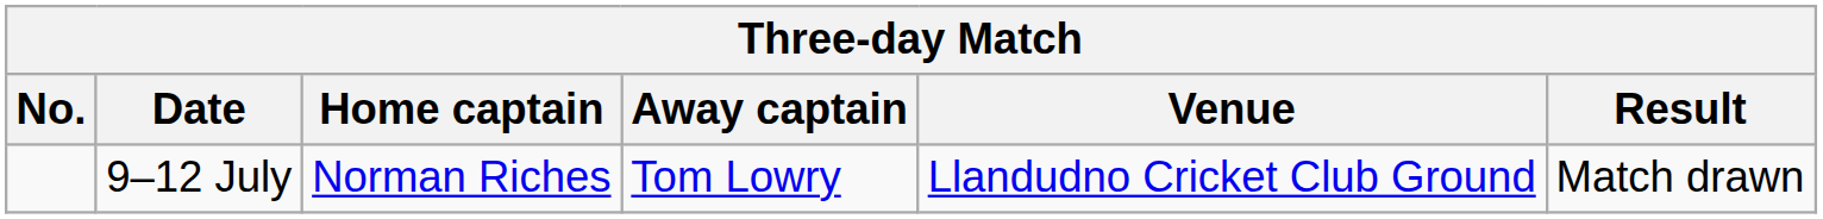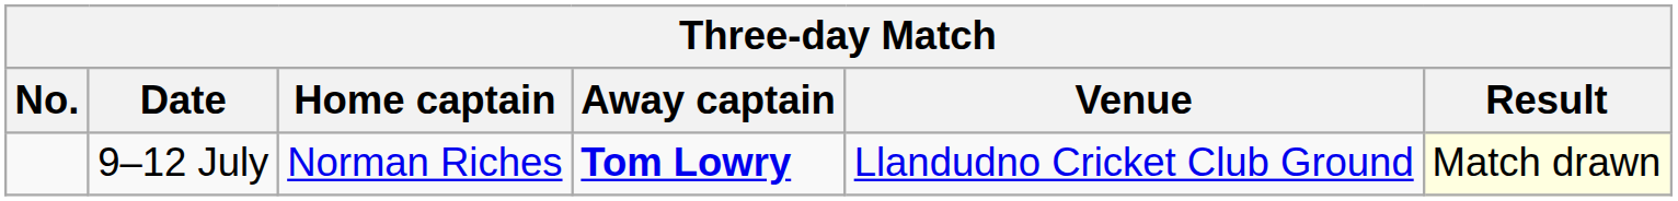 <table class="wikitable">
 <tr>
 <th colspan="9">Three-day Match</th>
 </tr>
 <tr>
 <th>No.</th>
 <th>Date</th>
 <th>Home captain</th>
 <th>Away captain</th>
 <th>Venue</th>
 <th>Result</th>
 </tr>
 <tr>
 <td></td>
 <td>9–12 July</td>
 <td><a href='#'>Norman Riches</a></td>
-<td><a href='#'>Tom Lowry</a></td>
+<td><strong><a href='#'>Tom Lowry</a></strong></td>
 <td><a href='#'>Llandudno Cricket Club Ground</a></td>
-<td>Match drawn</td>
+<td style="background: lightyellow;">Match drawn</td>
 </tr>
 </table>
